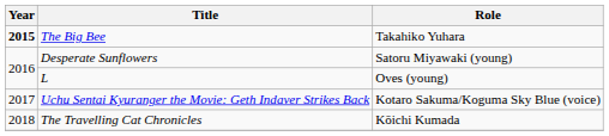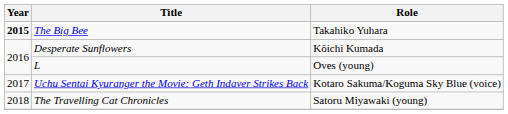 <table class="wikitable">
 <tr>
 <th>Year</th>
 <th>Title</th>
 <th>Role</th>
 </tr>
 <tr>
 <td><strong>2015</strong></td>
 <td><em><a href='#'>The Big Bee</a></em></td>
 <td>Takahiko Yuhara</td>
 </tr>
 <tr>
 <td rowspan="2">2016</td>
 <td><em>Desperate Sunflowers</em></td>
-<td>Satoru Miyawaki (young)</td>
+<td>Kōichi Kumada</td>
 </tr>
 <tr>
 <td><em>L</em></td>
 <td>Oves (young)</td>
 </tr>
 <tr>
 <td>2017</td>
 <td><em><a href='#'>Uchu Sentai Kyuranger the Movie: Geth Indaver Strikes Back</a></em></td>
 <td>Kotaro Sakuma/Koguma Sky Blue (voice)</td>
 </tr>
 <tr>
 <td>2018</td>
 <td><em>The Travelling Cat Chronicles</em></td>
-<td>Kōichi Kumada</td>
+<td>Satoru Miyawaki (young)</td>
 </tr>
 <tr>
 </tr>
 </table>
